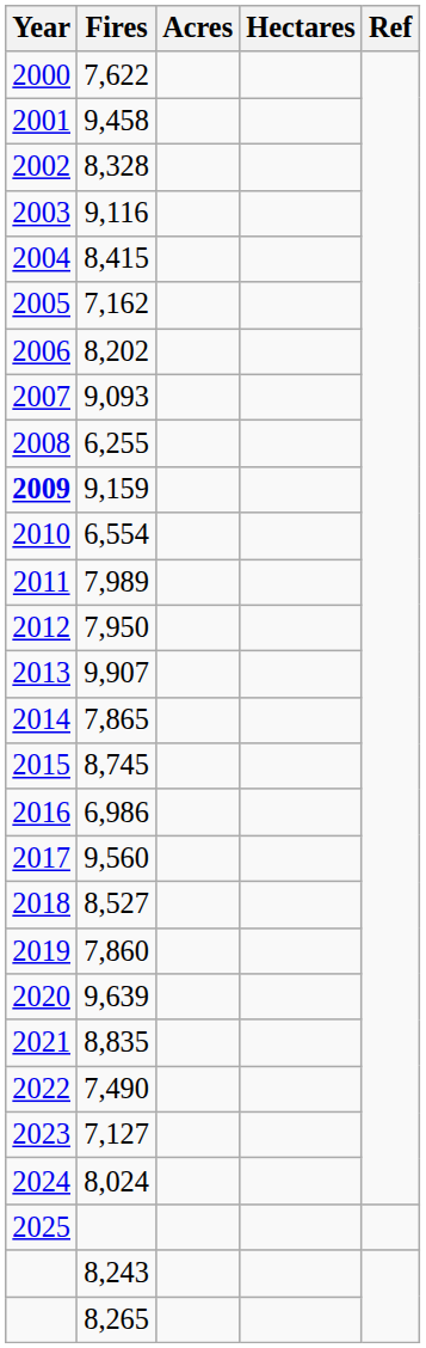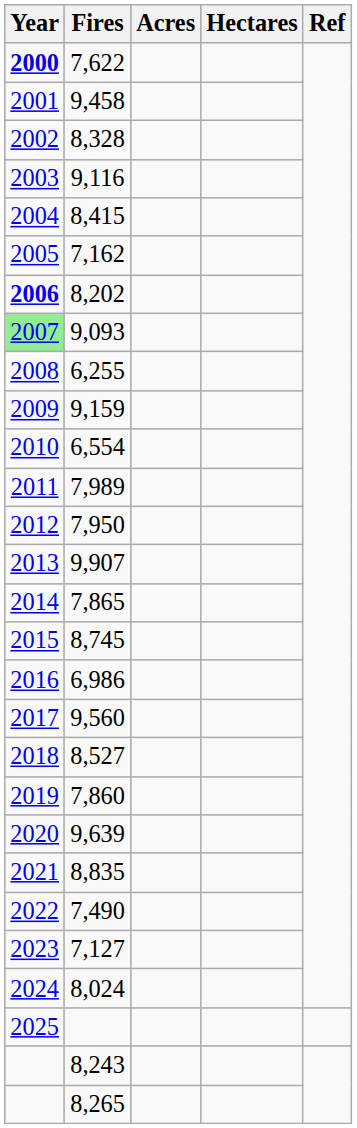 <table class="wikitable sortable" style="text-align:center;">
 <tr>
 <th>Year</th>
 <th>Fires</th>
 <th>Acres</th>
 <th>Hectares</th>
 <th>Ref</th>
 </tr>
 <tr>
-<td><a href='#'>2000</a></td>
+<td><strong><a href='#'>2000</a></strong></td>
 <td>7,622</td>
 <td></td>
 <td></td>
 </tr>
 <tr>
 <td><a href='#'>2001</a></td>
 <td>9,458</td>
 <td></td>
 <td></td>
 </tr>
 <tr>
 <td><a href='#'>2002</a></td>
 <td>8,328</td>
 <td></td>
 <td></td>
 </tr>
 <tr>
 <td><a href='#'>2003</a></td>
 <td>9,116</td>
 <td></td>
 <td></td>
 </tr>
 <tr>
 <td><a href='#'>2004</a></td>
 <td>8,415</td>
 <td></td>
 <td></td>
 </tr>
 <tr>
 <td><a href='#'>2005</a></td>
 <td>7,162</td>
 <td></td>
 <td></td>
 </tr>
 <tr>
-<td><a href='#'>2006</a></td>
+<td><strong><a href='#'>2006</a></strong></td>
 <td>8,202</td>
 <td></td>
 <td></td>
 </tr>
 <tr>
-<td><a href='#'>2007</a></td>
+<td style="background: lightgreen;"><a href='#'>2007</a></td>
 <td>9,093</td>
 <td></td>
 <td></td>
 </tr>
 <tr>
 <td><a href='#'>2008</a></td>
 <td>6,255</td>
 <td></td>
 <td></td>
 </tr>
 <tr>
-<td><strong><a href='#'>2009</a></strong></td>
+<td><a href='#'>2009</a></td>
 <td>9,159</td>
 <td></td>
 <td></td>
 </tr>
 <tr>
 <td><a href='#'>2010</a></td>
 <td>6,554</td>
 <td></td>
 <td></td>
 </tr>
 <tr>
 <td><a href='#'>2011</a></td>
 <td>7,989</td>
 <td></td>
 <td></td>
 </tr>
 <tr>
 <td><a href='#'>2012</a></td>
 <td>7,950</td>
 <td></td>
 <td></td>
 </tr>
 <tr>
 <td><a href='#'>2013</a></td>
 <td>9,907</td>
 <td></td>
 <td></td>
 </tr>
 <tr>
 <td><a href='#'>2014</a></td>
 <td>7,865</td>
 <td></td>
 <td></td>
 </tr>
 <tr>
 <td><a href='#'>2015</a></td>
 <td>8,745</td>
 <td></td>
 <td></td>
 </tr>
 <tr>
 <td><a href='#'>2016</a></td>
 <td>6,986</td>
 <td></td>
 <td></td>
 </tr>
 <tr>
 <td><a href='#'>2017</a></td>
 <td>9,560</td>
 <td></td>
 <td></td>
 </tr>
 <tr>
 <td><a href='#'>2018</a></td>
 <td>8,527</td>
 <td></td>
 <td></td>
 </tr>
 <tr>
 <td><a href='#'>2019</a></td>
 <td>7,860</td>
 <td></td>
 <td></td>
 </tr>
 <tr>
 <td><a href='#'>2020</a></td>
 <td>9,639</td>
 <td></td>
 <td></td>
 </tr>
 <tr>
 <td><a href='#'>2021</a></td>
 <td>8,835</td>
 <td></td>
 <td></td>
 </tr>
 <tr>
 <td><a href='#'>2022</a></td>
 <td>7,490</td>
 <td></td>
 <td></td>
 </tr>
 <tr>
 <td><a href='#'>2023</a></td>
 <td>7,127</td>
 <td></td>
 <td></td>
 </tr>
 <tr>
 <td><a href='#'>2024</a></td>
 <td>8,024</td>
 <td></td>
 <td></td>
 </tr>
 <tr>
 <td><a href='#'>2025</a></td>
 <td></td>
 <td></td>
 <td></td>
 <td></td>
 </tr>
 <tr>
 <td></td>
 <td>8,243</td>
 <td></td>
 <td></td>
 </tr>
 <tr>
 <td></td>
 <td>8,265</td>
 <td></td>
 <td></td>
 </tr>
 </table>
